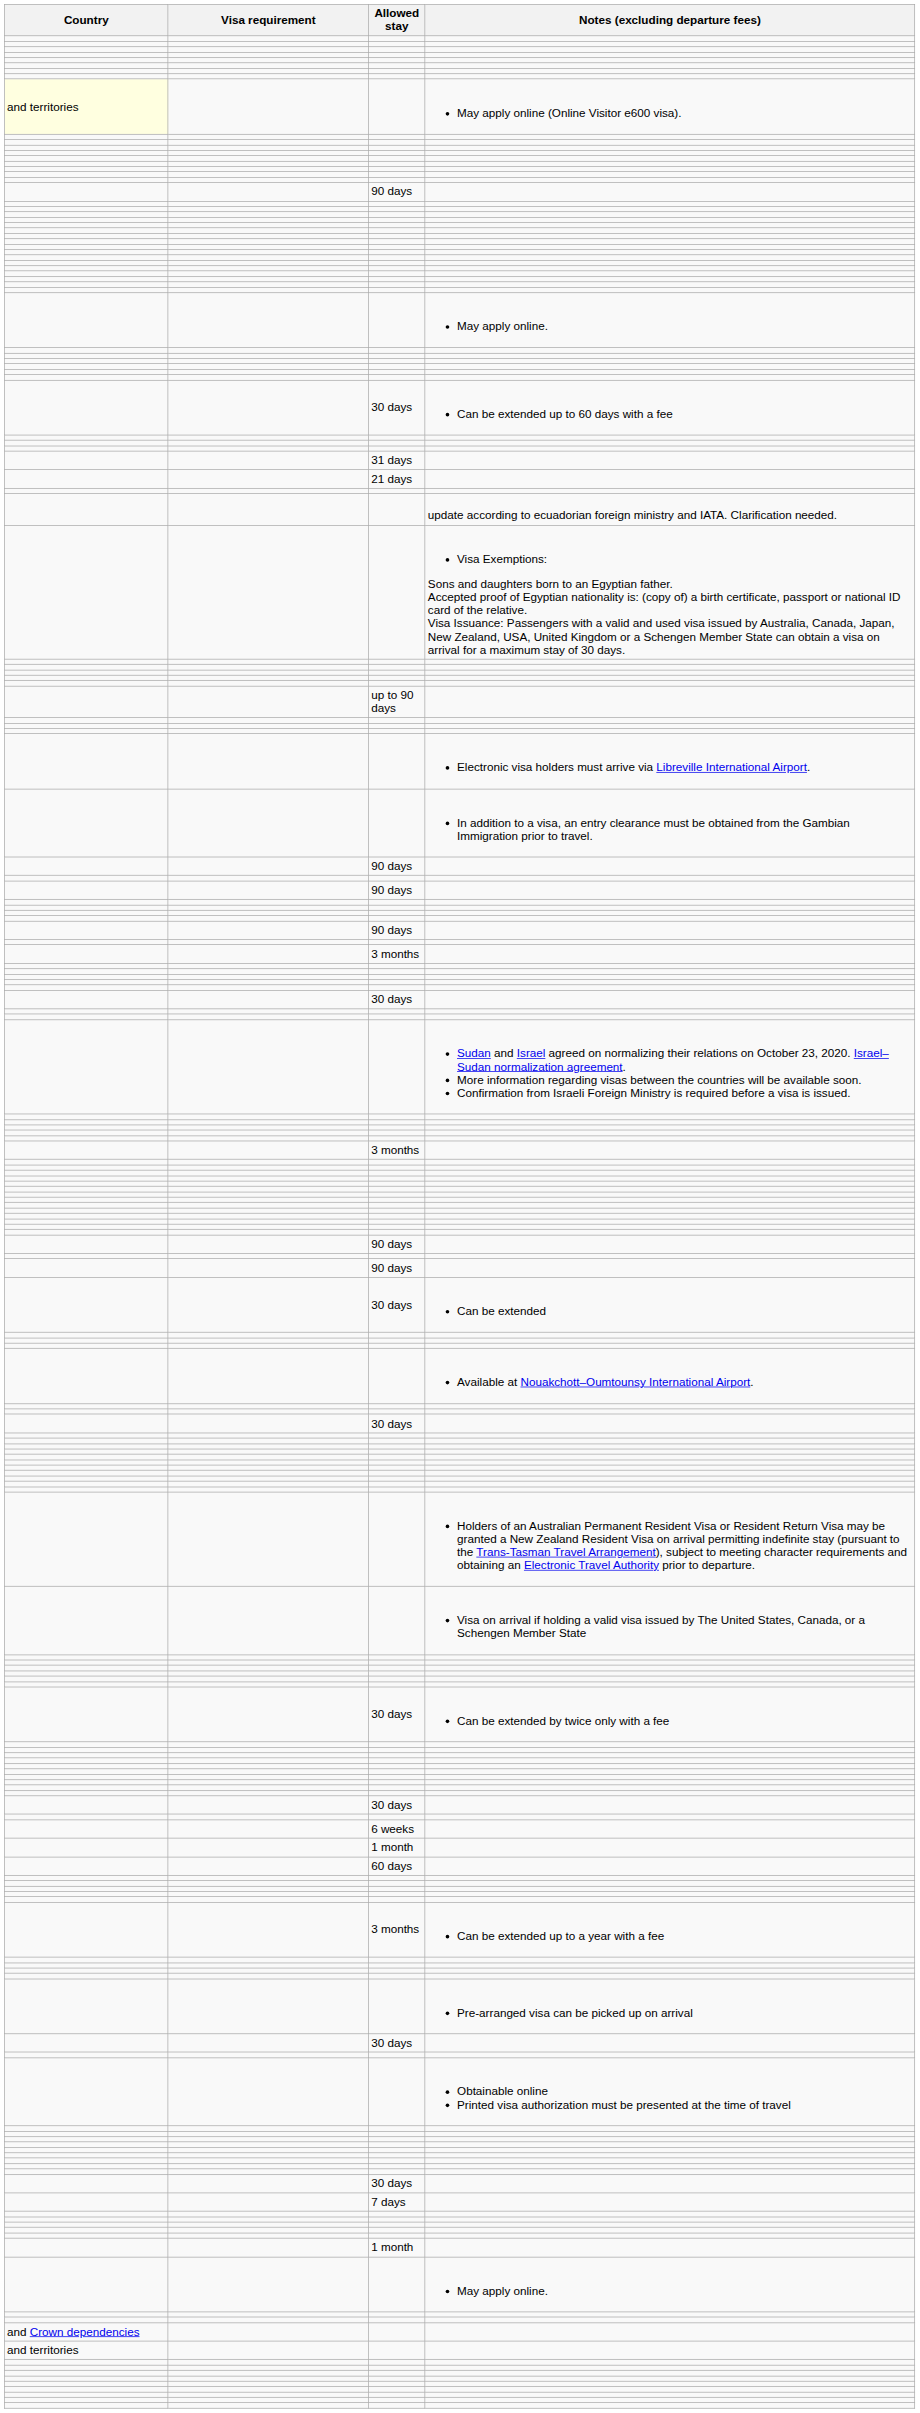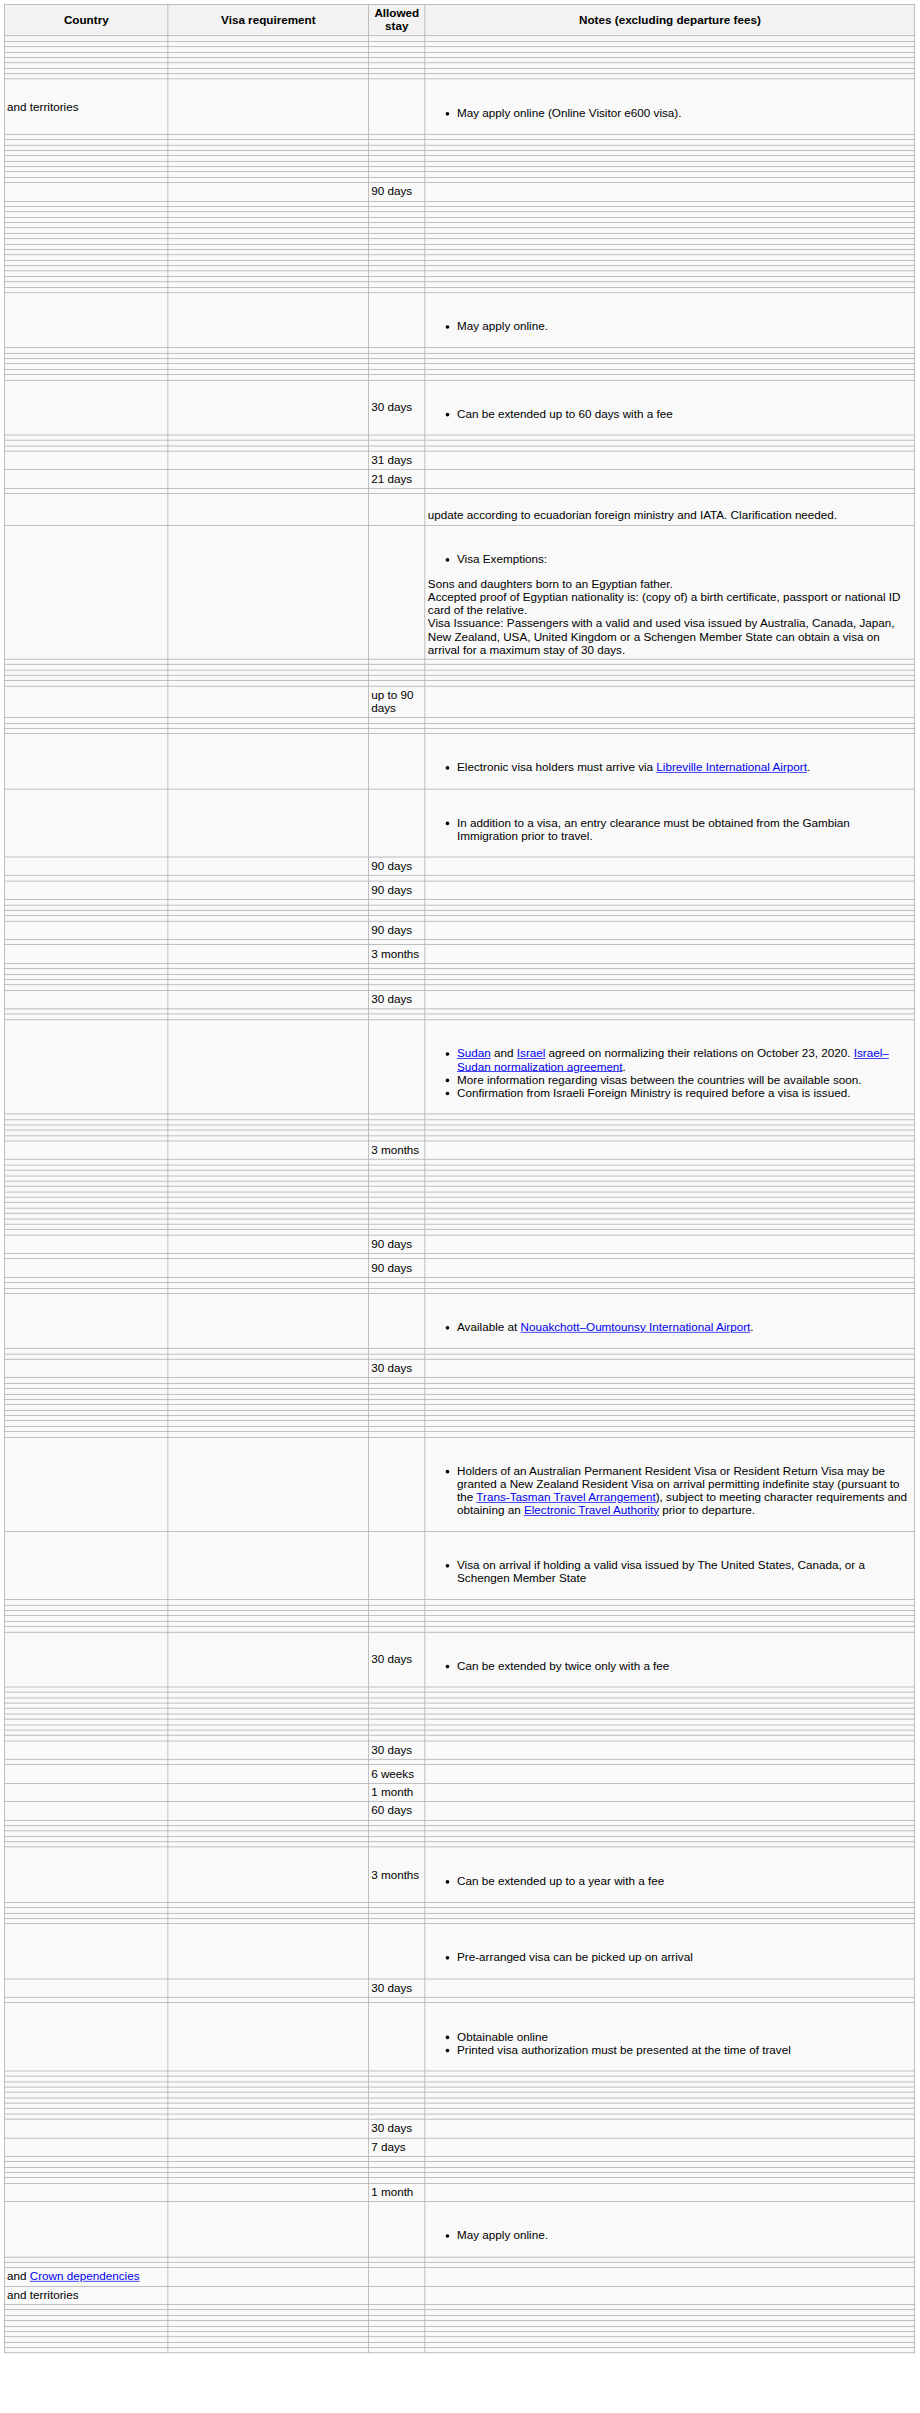 <table class="sortable wikitable">
 <tr>
 <th style="width:18%;">Country</th>
 <th style="width:22%;">Visa requirement</th>
 <th>Allowed stay</th>
 <th>Notes (excluding departure fees)</th>
 </tr>
 <tr>
 <td></td>
 <td></td>
 <td></td>
 <td></td>
 </tr>
 <tr>
 <td></td>
 <td></td>
 <td></td>
 <td></td>
 </tr>
 <tr>
 <td></td>
 <td></td>
 <td></td>
 <td></td>
 </tr>
 <tr>
 <td></td>
 <td></td>
 <td></td>
 <td></td>
 </tr>
 <tr>
 <td></td>
 <td></td>
 <td></td>
 <td></td>
 </tr>
 <tr>
 <td></td>
 <td></td>
 <td></td>
 <td></td>
 </tr>
 <tr>
 <td></td>
 <td></td>
 <td></td>
 <td></td>
 </tr>
 <tr>
 <td></td>
 <td></td>
 <td></td>
 <td></td>
 </tr>
 <tr>
-<td style="background: lightyellow;"> and territories</td>
+<td> and territories</td>
 <td></td>
 <td></td>
 <td><br><ul><li>May apply online (Online Visitor e600 visa).</li></ul></td>
 </tr>
 <tr>
 <td></td>
 <td></td>
 <td></td>
 <td></td>
 </tr>
 <tr>
 <td></td>
 <td></td>
 <td></td>
 <td></td>
 </tr>
 <tr>
 <td></td>
 <td></td>
 <td></td>
 <td></td>
 </tr>
 <tr>
 <td></td>
 <td></td>
 <td></td>
 <td></td>
 </tr>
 <tr>
 <td></td>
 <td></td>
 <td></td>
 <td></td>
 </tr>
 <tr>
 <td></td>
 <td></td>
 <td></td>
 <td></td>
 </tr>
 <tr>
 <td></td>
 <td></td>
 <td></td>
 <td></td>
 </tr>
 <tr>
 <td></td>
 <td></td>
 <td></td>
 <td></td>
 </tr>
 <tr>
 <td></td>
 <td></td>
 <td></td>
 <td></td>
 </tr>
 <tr>
 <td></td>
 <td></td>
 <td>90 days</td>
 <td></td>
 </tr>
 <tr>
 <td></td>
 <td></td>
 <td></td>
 <td></td>
 </tr>
 <tr>
 <td></td>
 <td></td>
 <td></td>
 <td></td>
 </tr>
 <tr>
 <td></td>
 <td></td>
 <td></td>
 <td></td>
 </tr>
 <tr>
 <td></td>
 <td></td>
 <td></td>
 <td></td>
 </tr>
 <tr>
 <td></td>
 <td></td>
 <td></td>
 <td></td>
 </tr>
 <tr>
 <td></td>
 <td></td>
 <td></td>
 <td></td>
 </tr>
 <tr>
 <td></td>
 <td></td>
 <td></td>
 <td></td>
 </tr>
 <tr>
 <td></td>
 <td></td>
 <td></td>
 <td></td>
 </tr>
 <tr>
 <td></td>
 <td></td>
 <td></td>
 <td></td>
 </tr>
 <tr>
 <td></td>
 <td></td>
 <td></td>
 <td></td>
 </tr>
 <tr>
 <td></td>
 <td></td>
 <td></td>
 <td></td>
 </tr>
 <tr>
 <td></td>
 <td></td>
 <td></td>
 <td></td>
 </tr>
 <tr>
 <td></td>
 <td></td>
 <td></td>
 <td></td>
 </tr>
 <tr>
 <td></td>
 <td></td>
 <td></td>
 <td></td>
 </tr>
 <tr>
 <td></td>
 <td></td>
 <td></td>
 <td></td>
 </tr>
 <tr>
 <td></td>
 <td></td>
 <td></td>
 <td></td>
 </tr>
 <tr>
 <td></td>
 <td></td>
 <td></td>
 <td></td>
 </tr>
 <tr>
 <td></td>
 <td></td>
 <td></td>
 <td><br><ul><li>May apply online.</li></ul></td>
 </tr>
 <tr>
 <td></td>
 <td></td>
 <td></td>
 <td></td>
 </tr>
 <tr>
 <td></td>
 <td></td>
 <td></td>
 <td></td>
 </tr>
 <tr>
 <td></td>
 <td></td>
 <td></td>
 <td></td>
 </tr>
 <tr>
 <td></td>
 <td></td>
 <td></td>
 <td></td>
 </tr>
 <tr>
 <td></td>
 <td></td>
 <td></td>
 <td></td>
 </tr>
 <tr>
 <td></td>
 <td></td>
 <td></td>
 <td></td>
 </tr>
 <tr>
 <td></td>
 <td></td>
 <td>30 days</td>
 <td><br><ul><li>Can be extended up to 60 days with a fee</li></ul></td>
 </tr>
 <tr>
 <td></td>
 <td></td>
 <td></td>
 <td></td>
 </tr>
 <tr>
 <td></td>
 <td></td>
 <td></td>
 <td></td>
 </tr>
 <tr>
 <td></td>
 <td></td>
 <td></td>
 <td></td>
 </tr>
 <tr>
 <td></td>
 <td></td>
 <td>31 days</td>
 <td></td>
 </tr>
 <tr>
 <td></td>
 <td></td>
 <td>21 days</td>
 <td></td>
 </tr>
 <tr>
 <td></td>
 <td></td>
 <td></td>
 <td></td>
 </tr>
 <tr>
 <td></td>
 <td></td>
 <td></td>
 <td><br>update according to ecuadorian foreign ministry and IATA. Clarification needed.</td>
 </tr>
 <tr>
 <td></td>
 <td></td>
 <td></td>
 <td><br><ul><li>Visa Exemptions:</li></ul>Sons and daughters born to an Egyptian father.<br>Accepted proof of Egyptian nationality is: (copy of) a birth certificate, passport or national ID card of the relative.<br>Visa Issuance: Passengers with a valid and used visa issued by Australia, Canada, Japan, New Zealand, USA, United Kingdom or a Schengen Member State can obtain a visa on arrival for a maximum stay of 30 days.</td>
 </tr>
 <tr>
 <td></td>
 <td></td>
 <td></td>
 <td></td>
 </tr>
 <tr>
 <td></td>
 <td></td>
 <td></td>
 <td></td>
 </tr>
 <tr>
 <td></td>
 <td></td>
 <td></td>
 <td></td>
 </tr>
 <tr>
 <td></td>
 <td></td>
 <td></td>
 <td></td>
 </tr>
 <tr>
 <td></td>
 <td></td>
 <td></td>
 <td></td>
 </tr>
 <tr>
 <td></td>
 <td></td>
 <td>up to 90 days</td>
 <td><br></td>
 </tr>
 <tr>
 <td></td>
 <td></td>
 <td></td>
 <td></td>
 </tr>
 <tr>
 <td></td>
 <td></td>
 <td></td>
 <td></td>
 </tr>
 <tr>
 <td></td>
 <td></td>
 <td></td>
 <td></td>
 </tr>
 <tr>
 <td></td>
 <td></td>
 <td></td>
 <td><br><ul><li>Electronic visa holders must arrive via <a href='#'>Libreville International Airport</a>.</li></ul></td>
 </tr>
 <tr>
 <td></td>
 <td></td>
 <td></td>
 <td><br><ul><li>In addition to a visa, an entry clearance must be obtained from the Gambian Immigration prior to travel.</li></ul></td>
 </tr>
 <tr>
 <td></td>
 <td></td>
 <td>90 days</td>
 <td></td>
 </tr>
 <tr>
 <td></td>
 <td></td>
 <td></td>
 <td></td>
 </tr>
 <tr>
 <td></td>
 <td></td>
 <td>90 days</td>
 <td></td>
 </tr>
 <tr>
 <td></td>
 <td></td>
 <td></td>
 <td></td>
 </tr>
 <tr>
 <td></td>
 <td></td>
 <td></td>
 <td></td>
 </tr>
 <tr>
 <td></td>
 <td></td>
 <td></td>
 <td></td>
 </tr>
 <tr>
 <td></td>
 <td></td>
 <td></td>
 <td></td>
 </tr>
 <tr>
 <td></td>
 <td></td>
 <td>90 days</td>
 <td></td>
 </tr>
 <tr>
 <td></td>
 <td></td>
 <td></td>
 <td></td>
 </tr>
 <tr>
 <td></td>
 <td></td>
 <td>3 months</td>
 <td></td>
 </tr>
 <tr>
 <td></td>
 <td></td>
 <td></td>
 <td></td>
 </tr>
 <tr>
 <td></td>
 <td></td>
 <td></td>
 <td></td>
 </tr>
 <tr>
 <td></td>
 <td></td>
 <td></td>
 <td></td>
 </tr>
 <tr>
 <td></td>
 <td></td>
 <td></td>
 <td></td>
 </tr>
 <tr>
 <td></td>
 <td></td>
 <td></td>
 <td></td>
 </tr>
 <tr>
 <td></td>
 <td></td>
 <td>30 days</td>
 <td></td>
 </tr>
 <tr>
 <td></td>
 <td></td>
 <td></td>
 <td></td>
 </tr>
 <tr>
 <td></td>
 <td></td>
 <td></td>
 <td></td>
 </tr>
 <tr>
 <td></td>
 <td></td>
 <td></td>
 <td><br><ul><li><a href='#'>Sudan</a> and <a href='#'>Israel</a> agreed on normalizing their relations on October 23, 2020. <a href='#'>Israel–Sudan normalization agreement</a>.</li><li>More information regarding visas between the countries will be available soon.</li><li>Confirmation from Israeli Foreign Ministry is required before a visa is issued.</li></ul></td>
 </tr>
 <tr>
 <td></td>
 <td></td>
 <td></td>
 <td></td>
 </tr>
 <tr>
 <td></td>
 <td></td>
 <td></td>
 <td></td>
 </tr>
 <tr>
 <td></td>
 <td></td>
 <td></td>
 <td></td>
 </tr>
 <tr>
 <td></td>
 <td></td>
 <td></td>
 <td></td>
 </tr>
 <tr>
 <td></td>
 <td></td>
 <td></td>
 <td></td>
 </tr>
 <tr>
 <td></td>
 <td></td>
 <td>3 months</td>
 <td></td>
 </tr>
 <tr>
 <td></td>
 <td></td>
 <td></td>
 <td></td>
 </tr>
 <tr>
 <td></td>
 <td></td>
 <td></td>
 <td></td>
 </tr>
 <tr>
 <td></td>
 <td></td>
 <td></td>
 <td></td>
 </tr>
 <tr>
 <td></td>
 <td></td>
 <td></td>
 <td></td>
 </tr>
 <tr>
 <td></td>
 <td></td>
 <td></td>
 <td></td>
 </tr>
 <tr>
 <td></td>
 <td></td>
 <td></td>
 <td></td>
 </tr>
 <tr>
 <td></td>
 <td></td>
 <td></td>
 <td></td>
 </tr>
 <tr>
 <td></td>
 <td></td>
 <td></td>
 <td></td>
 </tr>
 <tr>
 <td></td>
 <td></td>
 <td></td>
 <td></td>
 </tr>
 <tr>
 <td></td>
 <td></td>
 <td></td>
 <td></td>
 </tr>
 <tr>
 <td></td>
 <td></td>
 <td></td>
 <td></td>
 </tr>
 <tr>
 <td></td>
 <td></td>
 <td></td>
 <td></td>
 </tr>
 <tr>
 <td></td>
 <td></td>
 <td></td>
 <td></td>
 </tr>
 <tr>
 <td></td>
 <td></td>
 <td></td>
 <td></td>
 </tr>
 <tr>
 <td></td>
 <td></td>
 <td>90 days</td>
 <td></td>
 </tr>
 <tr>
 <td></td>
 <td></td>
 <td></td>
 <td></td>
 </tr>
 <tr>
 <td></td>
 <td></td>
 <td>90 days</td>
 <td></td>
 </tr>
 <tr>
 <td></td>
 <td></td>
-<td>30 days</td>
-<td><br><ul><li>Can be extended</li></ul></td>
-</tr>
-<tr>
-<td></td>
-<td></td>
 <td></td>
 <td></td>
 </tr>
 <tr>
 <td></td>
 <td></td>
 <td></td>
 <td></td>
 </tr>
 <tr>
 <td></td>
 <td></td>
 <td></td>
 <td></td>
 </tr>
 <tr>
 <td></td>
 <td></td>
 <td></td>
 <td><br><ul><li>Available at <a href='#'>Nouakchott–Oumtounsy International Airport</a>.</li></ul></td>
 </tr>
 <tr>
 <td></td>
 <td></td>
 <td></td>
 <td></td>
 </tr>
 <tr>
 <td></td>
 <td></td>
 <td></td>
 <td></td>
 </tr>
 <tr>
 <td></td>
 <td></td>
 <td>30 days</td>
 <td></td>
 </tr>
 <tr>
 <td></td>
 <td></td>
 <td></td>
 <td></td>
 </tr>
 <tr>
 <td></td>
 <td></td>
 <td></td>
 <td></td>
 </tr>
 <tr>
 <td></td>
 <td></td>
 <td></td>
 <td></td>
 </tr>
 <tr>
 <td></td>
 <td></td>
 <td></td>
 <td></td>
 </tr>
 <tr>
 <td></td>
 <td></td>
 <td></td>
 <td></td>
 </tr>
 <tr>
 <td></td>
 <td></td>
 <td></td>
 <td></td>
 </tr>
 <tr>
 <td></td>
 <td></td>
 <td></td>
 <td></td>
 </tr>
 <tr>
 <td></td>
 <td></td>
 <td></td>
 <td></td>
 </tr>
 <tr>
 <td></td>
 <td></td>
 <td></td>
 <td></td>
 </tr>
 <tr>
 <td></td>
 <td></td>
 <td></td>
 <td></td>
 </tr>
 <tr>
 <td></td>
 <td></td>
 <td></td>
 <td></td>
 </tr>
 <tr>
 <td></td>
 <td></td>
 <td></td>
 <td><br><ul><li>Holders of an Australian Permanent Resident Visa or Resident Return Visa may be granted a New Zealand Resident Visa on arrival permitting indefinite stay (pursuant to the <a href='#'>Trans-Tasman Travel Arrangement</a>), subject to meeting character requirements and obtaining an <a href='#'>Electronic Travel Authority</a> prior to departure.</li></ul></td>
 </tr>
 <tr>
 <td></td>
 <td></td>
 <td></td>
 <td><br><ul><li>Visa on arrival if holding a valid visa issued by The United States, Canada, or a Schengen Member State</li></ul></td>
 </tr>
 <tr>
 <td></td>
 <td></td>
 <td></td>
 <td></td>
 </tr>
 <tr>
 <td></td>
 <td></td>
 <td></td>
 <td></td>
 </tr>
 <tr>
 <td></td>
 <td></td>
 <td></td>
 <td></td>
 </tr>
 <tr>
 <td></td>
 <td></td>
 <td></td>
 <td></td>
 </tr>
 <tr>
 <td></td>
 <td></td>
 <td></td>
 <td></td>
 </tr>
 <tr>
 <td></td>
 <td></td>
 <td></td>
 <td></td>
 </tr>
 <tr>
 <td></td>
 <td></td>
 <td>30 days</td>
 <td><br><ul><li>Can be extended by twice only with a fee</li></ul></td>
 </tr>
 <tr>
 <td></td>
 <td></td>
 <td></td>
 <td></td>
 </tr>
 <tr>
 <td></td>
 <td></td>
 <td></td>
 <td></td>
 </tr>
 <tr>
 <td></td>
 <td></td>
 <td></td>
 <td></td>
 </tr>
 <tr>
 <td></td>
 <td></td>
 <td></td>
 <td></td>
 </tr>
 <tr>
 <td></td>
 <td></td>
 <td></td>
 <td></td>
 </tr>
 <tr>
 <td></td>
 <td></td>
 <td></td>
 <td></td>
 </tr>
 <tr>
 <td></td>
 <td></td>
 <td></td>
 <td></td>
 </tr>
 <tr>
 <td></td>
 <td></td>
 <td></td>
 <td></td>
 </tr>
 <tr>
 <td></td>
 <td></td>
 <td></td>
 <td></td>
 </tr>
 <tr>
 <td></td>
 <td></td>
 <td></td>
 <td></td>
 </tr>
 <tr>
 <td></td>
 <td></td>
 <td>30 days</td>
 <td></td>
 </tr>
 <tr>
 <td></td>
 <td></td>
 <td></td>
 <td></td>
 </tr>
 <tr>
 <td></td>
 <td></td>
 <td>6 weeks</td>
 <td></td>
 </tr>
 <tr>
 <td></td>
 <td></td>
 <td>1 month</td>
 <td></td>
 </tr>
 <tr>
 <td></td>
 <td></td>
 <td>60 days</td>
 <td></td>
 </tr>
 <tr>
 <td></td>
 <td></td>
 <td></td>
 <td></td>
 </tr>
 <tr>
 <td></td>
 <td></td>
 <td></td>
 <td></td>
 </tr>
 <tr>
 <td></td>
 <td></td>
 <td></td>
 <td></td>
 </tr>
 <tr>
 <td></td>
 <td></td>
 <td></td>
 <td></td>
 </tr>
 <tr>
 <td></td>
 <td></td>
 <td></td>
 <td></td>
 </tr>
 <tr>
 <td></td>
 <td></td>
 <td>3 months</td>
 <td><br><ul><li>Can be extended up to a year with a fee</li></ul></td>
 </tr>
 <tr>
 <td></td>
 <td></td>
 <td></td>
 <td></td>
 </tr>
 <tr>
 <td></td>
 <td></td>
 <td></td>
 <td></td>
 </tr>
 <tr>
 <td></td>
 <td></td>
 <td></td>
 <td></td>
 </tr>
 <tr>
 <td></td>
 <td></td>
 <td></td>
 <td></td>
 </tr>
 <tr>
 <td></td>
 <td></td>
 <td></td>
 <td><br><ul><li>Pre-arranged visa can be picked up on arrival</li></ul></td>
 </tr>
 <tr>
 <td></td>
 <td></td>
 <td>30 days</td>
 <td><br></td>
 </tr>
 <tr>
 <td></td>
 <td></td>
 <td></td>
 <td></td>
 </tr>
 <tr>
 <td></td>
 <td></td>
 <td></td>
 <td><br><ul><li>Obtainable online</li><li>Printed visa authorization must be presented at the time of travel</li></ul></td>
 </tr>
 <tr>
 <td></td>
 <td></td>
 <td></td>
 <td></td>
 </tr>
 <tr>
 <td></td>
 <td></td>
 <td></td>
 <td></td>
 </tr>
 <tr>
 <td></td>
 <td></td>
 <td></td>
 <td></td>
 </tr>
 <tr>
 <td></td>
 <td></td>
 <td></td>
 <td></td>
 </tr>
 <tr>
 <td></td>
 <td></td>
 <td></td>
 <td></td>
 </tr>
 <tr>
 <td></td>
 <td></td>
 <td></td>
 <td></td>
 </tr>
 <tr>
 <td></td>
 <td></td>
 <td></td>
 <td></td>
 </tr>
 <tr>
 <td></td>
 <td></td>
 <td></td>
 <td></td>
 </tr>
 <tr>
 <td></td>
 <td></td>
 <td></td>
 <td></td>
 </tr>
 <tr>
 <td></td>
 <td></td>
 <td>30 days</td>
 <td></td>
 </tr>
 <tr>
 <td></td>
 <td></td>
 <td>7 days</td>
 <td></td>
 </tr>
 <tr>
 <td></td>
 <td></td>
 <td></td>
 <td></td>
 </tr>
 <tr>
 <td></td>
 <td></td>
 <td></td>
 <td></td>
 </tr>
 <tr>
 <td></td>
 <td></td>
 <td></td>
 <td></td>
 </tr>
 <tr>
 <td></td>
 <td></td>
 <td></td>
 <td></td>
 </tr>
 <tr>
 <td></td>
 <td></td>
 <td></td>
 <td></td>
 </tr>
 <tr>
 <td></td>
 <td></td>
 <td>1 month</td>
 <td></td>
 </tr>
 <tr>
 <td></td>
 <td></td>
 <td></td>
 <td><br><ul><li>May apply online.</li></ul></td>
 </tr>
 <tr>
 <td></td>
 <td></td>
 <td></td>
 <td></td>
 </tr>
 <tr>
 <td></td>
 <td></td>
 <td></td>
 <td></td>
 </tr>
 <tr>
 <td> and <a href='#'>Crown dependencies</a></td>
 <td></td>
 <td></td>
 <td></td>
 </tr>
 <tr>
 <td> and territories</td>
 <td></td>
 <td></td>
 <td></td>
 </tr>
 <tr>
 <td></td>
 <td></td>
 <td></td>
 <td></td>
 </tr>
 <tr>
 <td></td>
 <td></td>
 <td></td>
 <td></td>
 </tr>
 <tr>
 <td></td>
 <td></td>
 <td></td>
 <td></td>
 </tr>
 <tr>
 <td></td>
 <td></td>
 <td></td>
 <td></td>
 </tr>
 <tr>
 <td></td>
 <td></td>
 <td></td>
 <td></td>
 </tr>
 <tr>
 <td></td>
 <td></td>
 <td></td>
 <td></td>
 </tr>
 <tr>
 <td></td>
 <td></td>
 <td></td>
 <td></td>
 </tr>
 <tr>
 <td></td>
 <td></td>
 <td></td>
 <td></td>
 </tr>
 <tr>
 <td></td>
 <td></td>
 <td></td>
 <td></td>
 </tr>
 </table>
